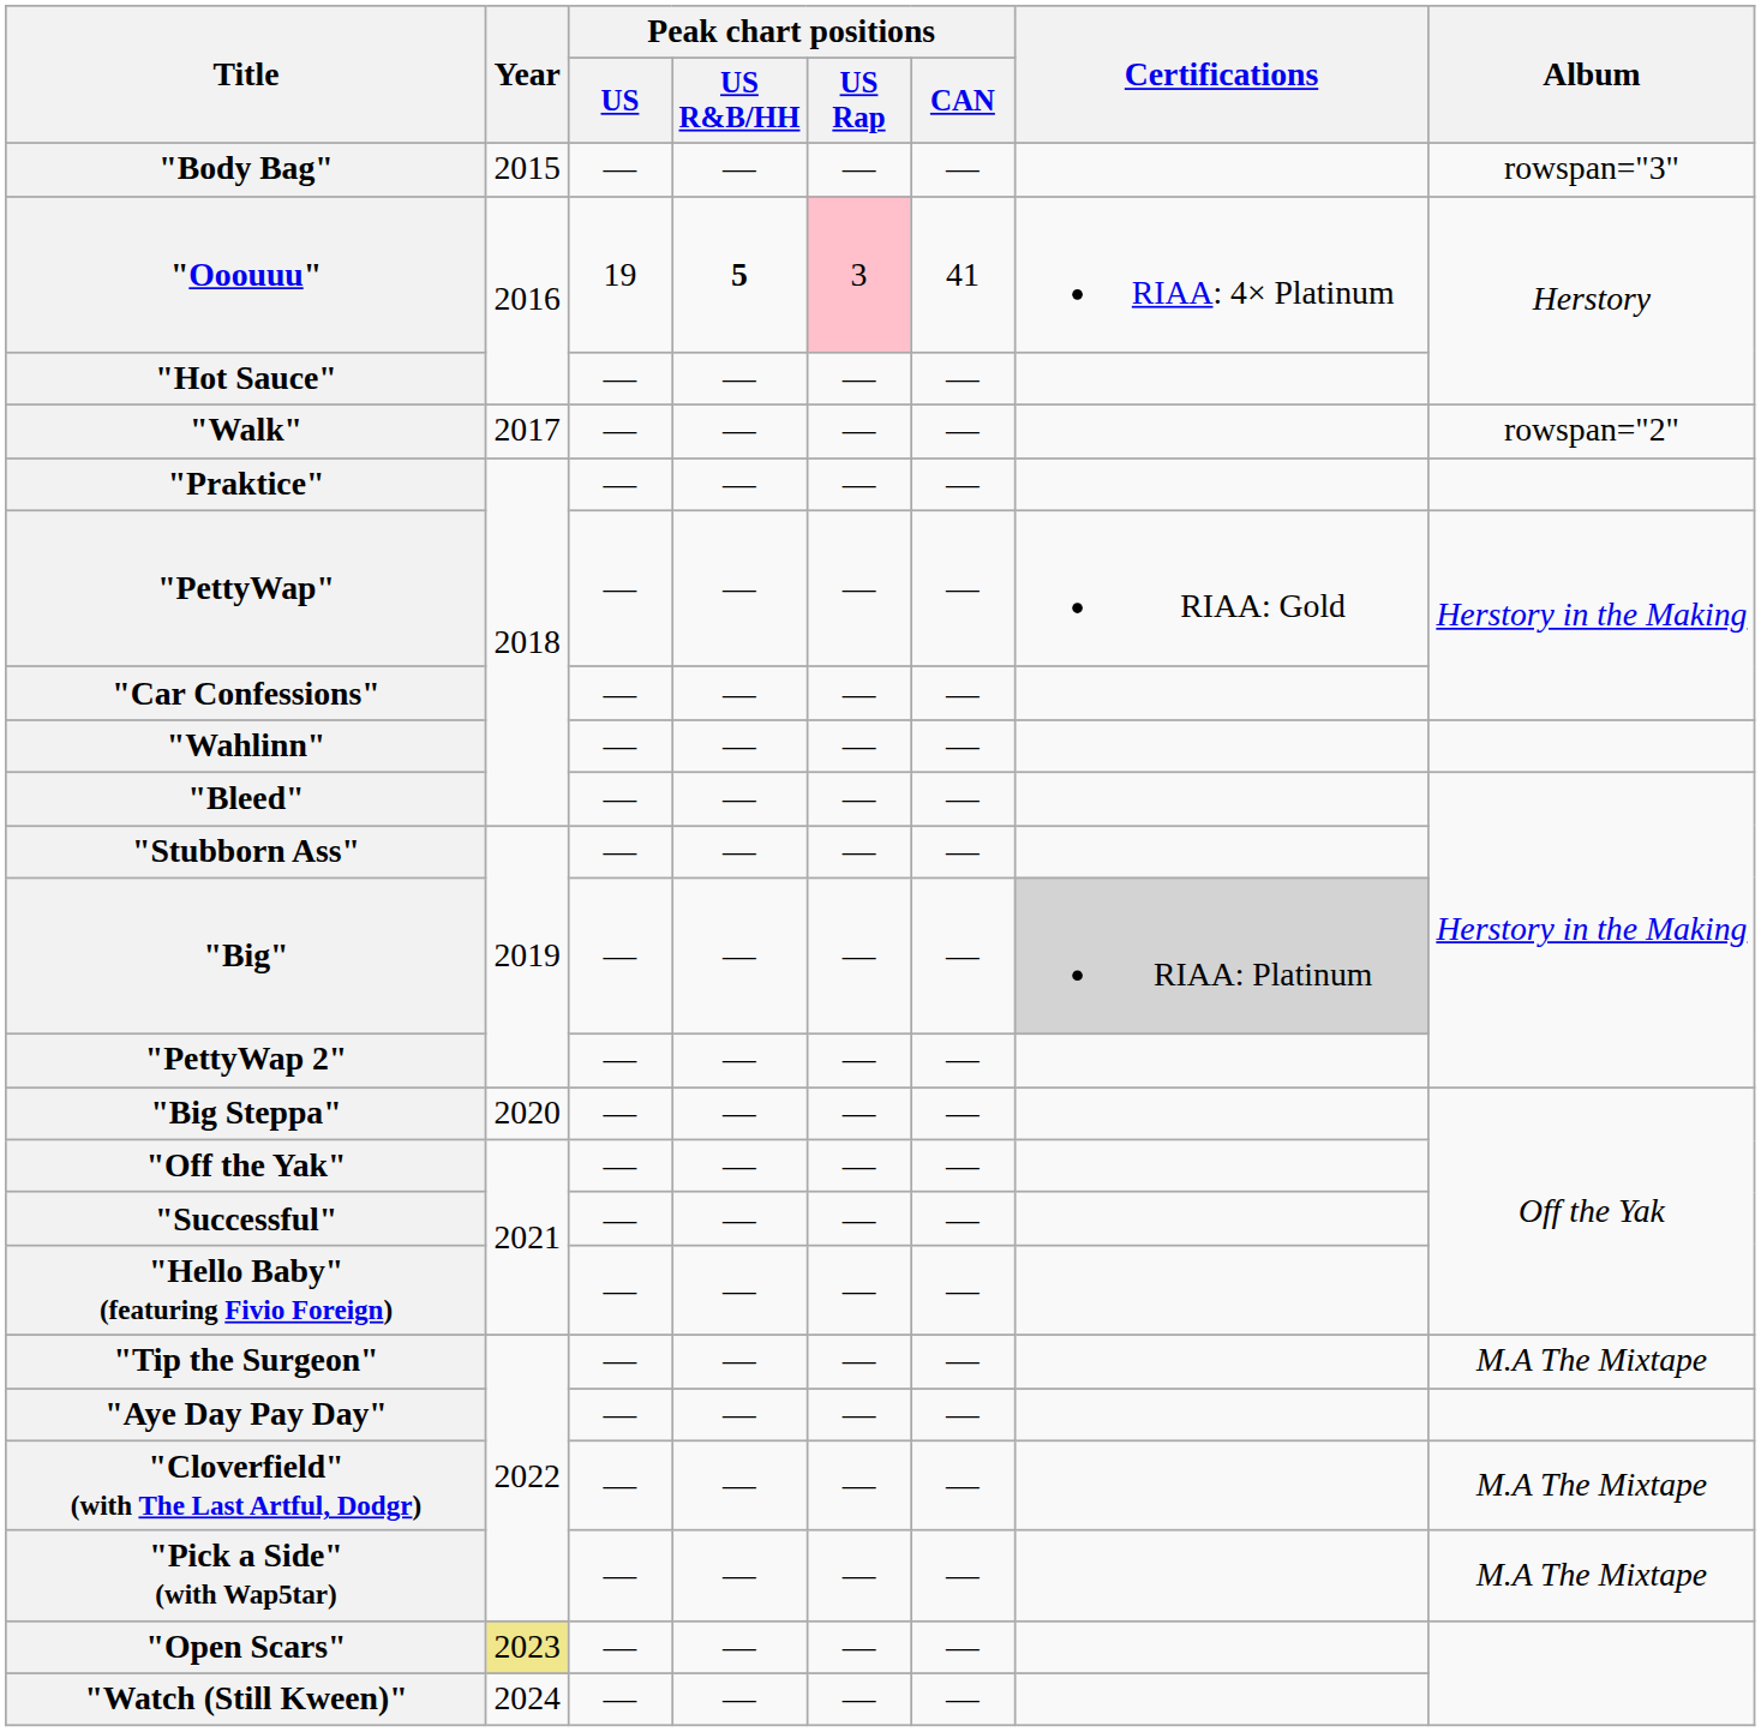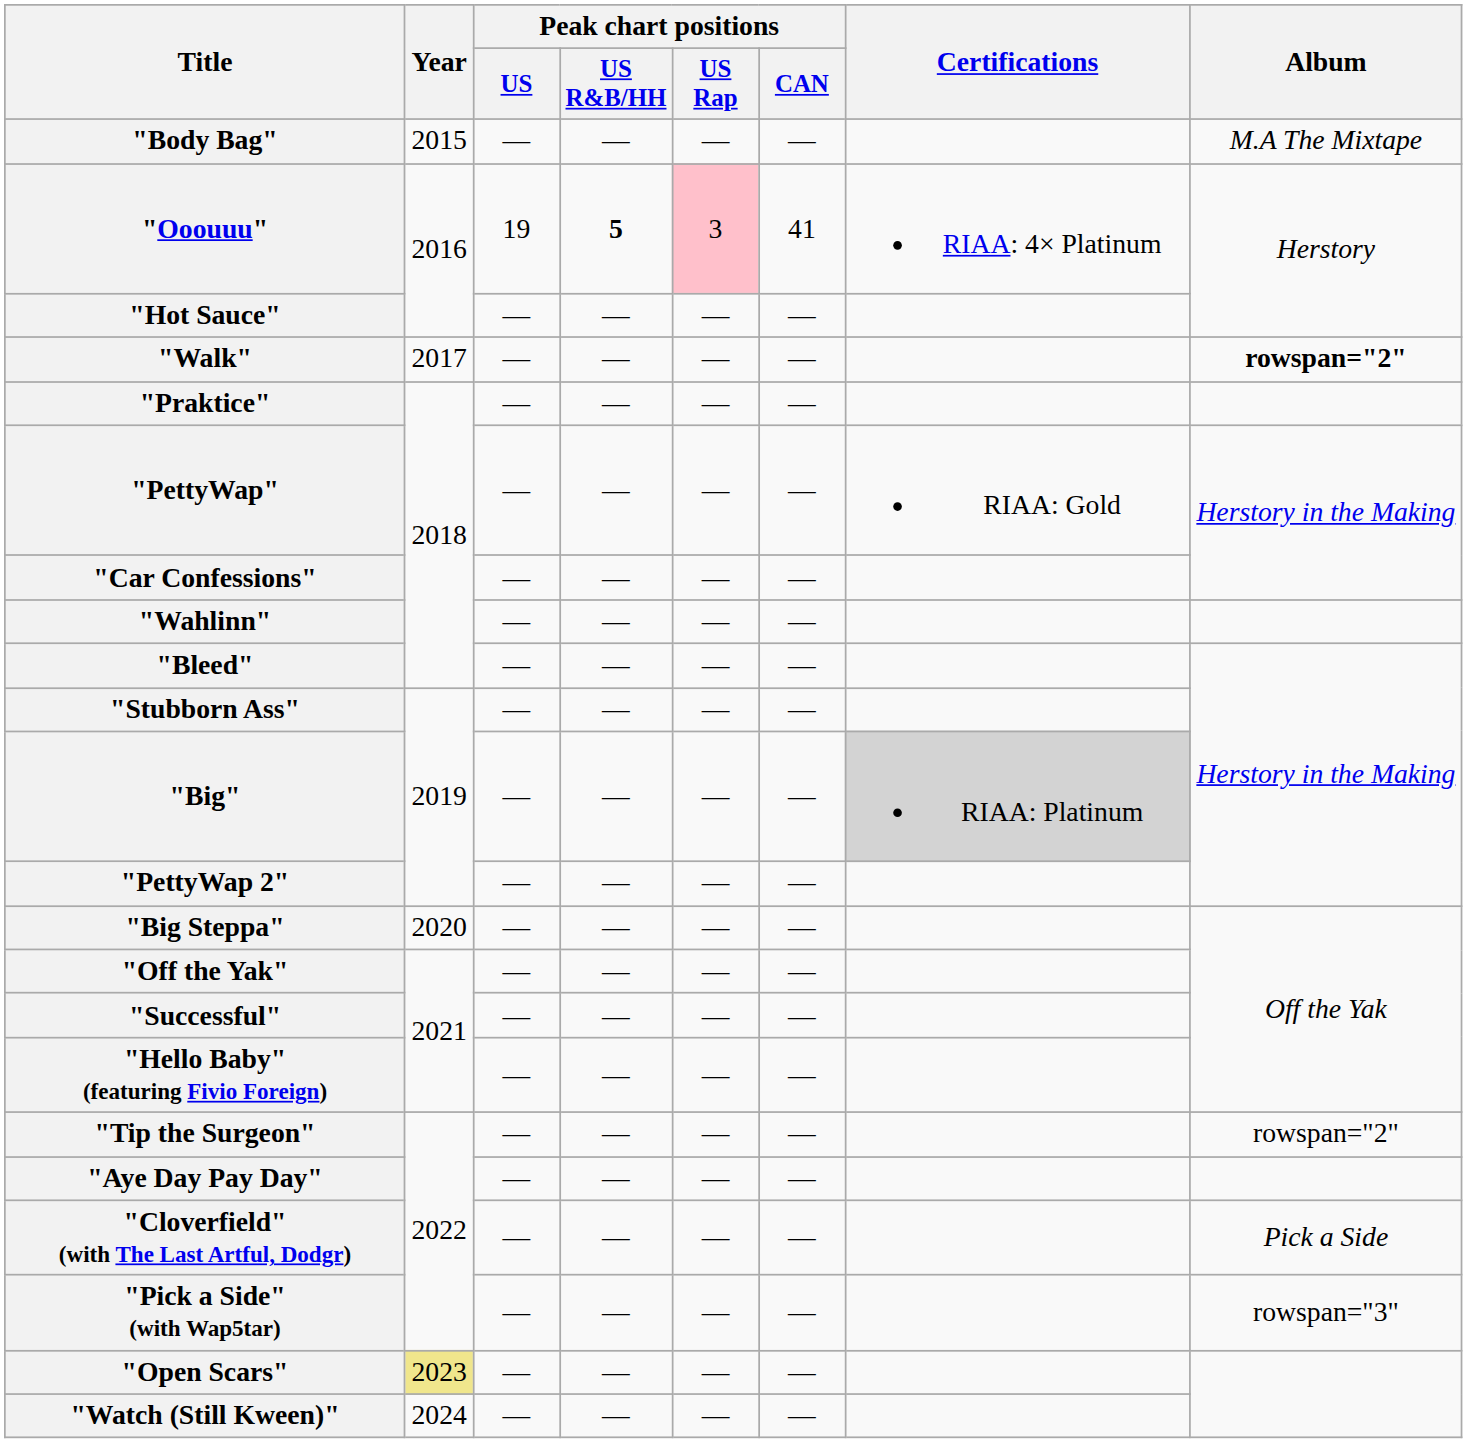 <table class="wikitable plainrowheaders" style="text-align:center;">
 <tr>
 <th scope="col" rowspan="2" style="width:14em;">Title</th>
 <th scope="col" rowspan="2">Year</th>
 <th scope="col" colspan="4">Peak chart positions</th>
 <th scope="col" rowspan="2" style="width:12em;"><a href='#'>Certifications</a></th>
 <th scope="col" rowspan="2">Album</th>
 </tr>
 <tr>
 <th scope="col" style="width:3em;font-size:90%;"><a href='#'>US</a><br></th>
 <th scope="col" style="width:3em;font-size:90%;"><a href='#'>US R&B/HH</a><br></th>
 <th scope="col" style="width:3em;font-size:90%;"><a href='#'>US Rap</a><br></th>
 <th scope="col" style="width:3em;font-size:90%;"><a href='#'>CAN</a><br></th>
 </tr>
 <tr>
 <th scope="row">"Body Bag"</th>
 <td>2015</td>
 <td>—</td>
 <td>—</td>
 <td>—</td>
 <td>—</td>
 <td></td>
-<td>rowspan="3" </td>
+<td><em>M.A The Mixtape</em></td>
 </tr>
 <tr>
 <th scope="row">"<a href='#'>Ooouuu</a>"</th>
 <td rowspan="2">2016</td>
 <td>19</td>
 <td><strong>5</strong></td>
 <td style="background: pink;">3</td>
 <td>41</td>
 <td><br><ul><li><a href='#'>RIAA</a>: 4× Platinum</li></ul></td>
 <td rowspan="2"><em>Herstory</em></td>
 </tr>
 <tr>
 <th scope="row">"Hot Sauce"</th>
 <td>—</td>
 <td>—</td>
 <td>—</td>
 <td>—</td>
 <td></td>
 </tr>
 <tr>
 <th scope="row">"Walk"</th>
 <td>2017</td>
 <td>—</td>
 <td>—</td>
 <td>—</td>
 <td>—</td>
 <td></td>
-<td>rowspan="2" </td>
+<td><strong>rowspan="2" </strong></td>
 </tr>
 <tr>
 <th scope="row">"Praktice"</th>
 <td rowspan="5">2018</td>
 <td>—</td>
 <td>—</td>
 <td>—</td>
 <td>—</td>
 <td></td>
 </tr>
 <tr>
 <th scope="row">"PettyWap"</th>
 <td>—</td>
 <td>—</td>
 <td>—</td>
 <td>—</td>
 <td><br><ul><li>RIAA: Gold</li></ul></td>
 <td rowspan="2"><em><a href='#'>Herstory in the Making</a></em></td>
 </tr>
 <tr>
 <th scope="row">"Car Confessions"</th>
 <td>—</td>
 <td>—</td>
 <td>—</td>
 <td>—</td>
 <td></td>
 </tr>
 <tr>
 <th scope="row">"Wahlinn"</th>
 <td>—</td>
 <td>—</td>
 <td>—</td>
 <td>—</td>
 <td></td>
 <td></td>
 </tr>
 <tr>
 <th scope="row">"Bleed"</th>
 <td>—</td>
 <td>—</td>
 <td>—</td>
 <td>—</td>
 <td></td>
 <td rowspan="4"><em><a href='#'>Herstory in the Making</a></em></td>
 </tr>
 <tr>
 <th scope="row">"Stubborn Ass"</th>
 <td rowspan="3">2019</td>
 <td>—</td>
 <td>—</td>
 <td>—</td>
 <td>—</td>
 <td></td>
 </tr>
 <tr>
 <th scope="row">"Big"</th>
 <td>—</td>
 <td>—</td>
 <td>—</td>
 <td>—</td>
 <td style="background: lightgrey;"><br><ul><li>RIAA: Platinum</li></ul></td>
 </tr>
 <tr>
 <th scope="row">"PettyWap 2"</th>
 <td>—</td>
 <td>—</td>
 <td>—</td>
 <td>—</td>
 <td></td>
 </tr>
 <tr>
 <th scope="row">"Big Steppa"</th>
 <td>2020</td>
 <td>—</td>
 <td>—</td>
 <td>—</td>
 <td>—</td>
 <td></td>
 <td rowspan="4"><em>Off the Yak</em></td>
 </tr>
 <tr>
 <th scope="row">"Off the Yak"</th>
 <td rowspan="3">2021</td>
 <td>—</td>
 <td>—</td>
 <td>—</td>
 <td>—</td>
 <td></td>
 </tr>
 <tr>
 <th scope="row">"Successful"</th>
 <td>—</td>
 <td>—</td>
 <td>—</td>
 <td>—</td>
 <td></td>
 </tr>
 <tr>
 <th scope="row">"Hello Baby"<br><small>(featuring <a href='#'>Fivio Foreign</a>)</small></th>
 <td>—</td>
 <td>—</td>
 <td>—</td>
 <td>—</td>
 <td></td>
 </tr>
 <tr>
 <th scope="row">"Tip the Surgeon"</th>
 <td rowspan="4">2022</td>
 <td>—</td>
 <td>—</td>
 <td>—</td>
 <td>—</td>
 <td></td>
-<td><em>M.A The Mixtape</em></td>
+<td>rowspan="2" </td>
 </tr>
 <tr>
 <th scope="row">"Aye Day Pay Day"</th>
 <td>—</td>
 <td>—</td>
 <td>—</td>
 <td>—</td>
 <td></td>
 </tr>
 <tr>
 <th scope="row">"Cloverfield"<br><small>(with <a href='#'>The Last Artful, Dodgr</a>)</small></th>
 <td>—</td>
 <td>—</td>
 <td>—</td>
 <td>—</td>
 <td></td>
-<td><em>M.A The Mixtape</em></td>
+<td><em>Pick a Side</em></td>
 </tr>
 <tr>
 <th scope="row">"Pick a Side"<br><small>(with Wap5tar)</small></th>
 <td>—</td>
 <td>—</td>
 <td>—</td>
 <td>—</td>
 <td></td>
-<td><em>M.A The Mixtape</em></td>
+<td>rowspan="3" </td>
 </tr>
 <tr>
 <th scope="row">"Open Scars"</th>
 <td style="background: khaki;">2023</td>
 <td>—</td>
 <td>—</td>
 <td>—</td>
 <td>—</td>
 <td></td>
 </tr>
 <tr>
 <th scope="row">"Watch (Still Kween)"</th>
 <td>2024</td>
 <td>—</td>
 <td>—</td>
 <td>—</td>
 <td>—</td>
 <td></td>
 </tr>
 </table>
